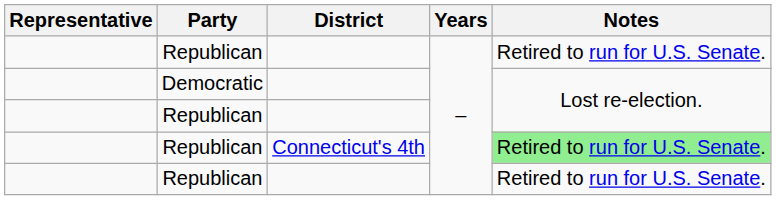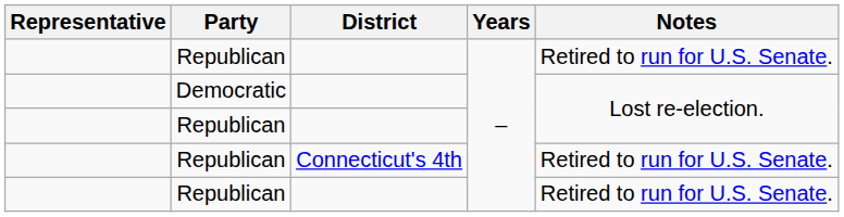 <table class="wikitable sortable" style="text-align:center">
 <tr valign=bottom>
 <th>Representative</th>
 <th>Party</th>
 <th>District</th>
 <th>Years</th>
 <th>Notes</th>
 </tr>
 <tr>
 <td align=left></td>
 <td>Republican</td>
 <td></td>
 <td rowspan="5" nowrap=""> –<br></td>
 <td>Retired to <a href='#'>run for U.S. Senate</a>.</td>
 </tr>
 <tr>
 <td align=left></td>
 <td>Democratic</td>
 <td></td>
 <td rowspan="2">Lost re-election.</td>
 </tr>
 <tr>
 <td align=left></td>
 <td>Republican</td>
 <td></td>
 </tr>
 <tr>
 <td align=left></td>
 <td>Republican</td>
 <td><a href='#'>Connecticut's 4th</a></td>
-<td style="background: lightgreen;">Retired to <a href='#'>run for U.S. Senate</a>.</td>
+<td>Retired to <a href='#'>run for U.S. Senate</a>.</td>
 </tr>
 <tr>
 <td align=left></td>
 <td>Republican</td>
 <td></td>
 <td>Retired to <a href='#'>run for U.S. Senate</a>.</td>
 </tr>
 </table>
